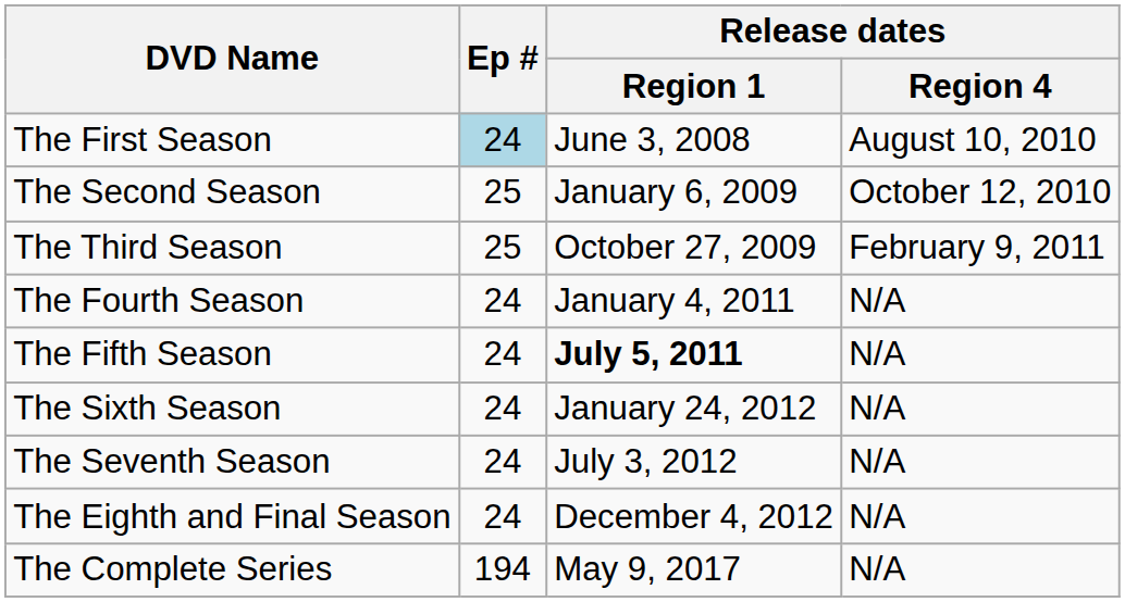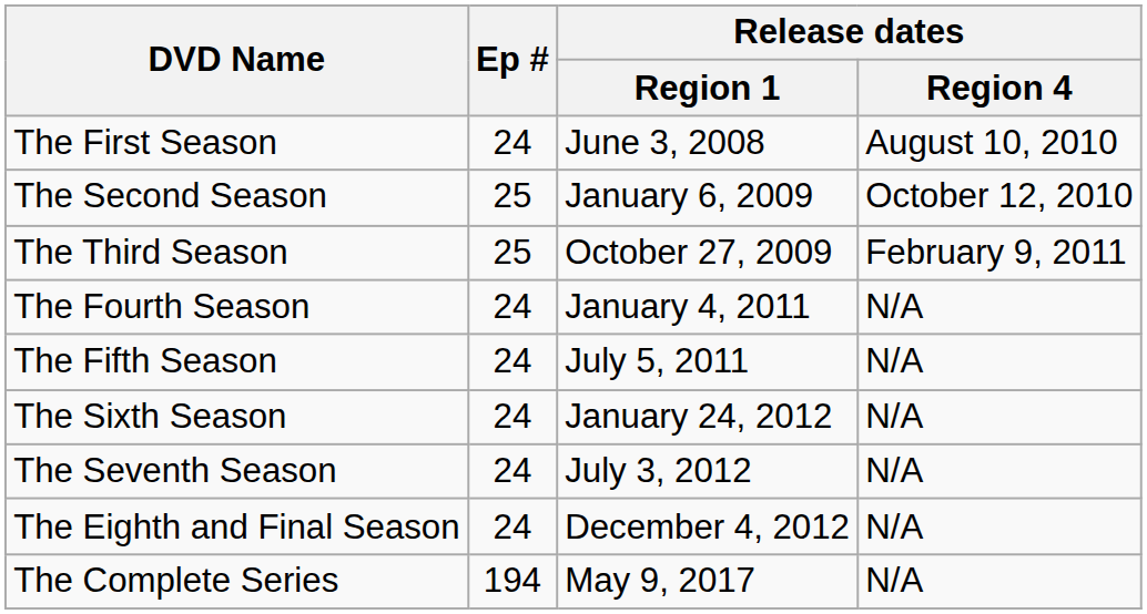 <table class="wikitable">
 <tr>
 <th rowspan="2">DVD Name</th>
 <th rowspan="2">Ep #</th>
 <th colspan="2">Release dates</th>
 </tr>
 <tr>
 <th>Region 1</th>
 <th>Region 4</th>
 </tr>
 <tr>
 <td>The First Season</td>
-<td align="center" style="background: lightblue;">24</td>
+<td align="center">24</td>
 <td>June 3, 2008</td>
 <td>August 10, 2010</td>
 </tr>
 <tr>
 <td>The Second Season</td>
 <td align="center">25</td>
 <td>January 6, 2009</td>
 <td>October 12, 2010</td>
 </tr>
 <tr>
 <td>The Third Season</td>
 <td align="center">25</td>
 <td>October 27, 2009</td>
 <td>February 9, 2011</td>
 </tr>
 <tr>
 <td>The Fourth Season</td>
 <td align="center">24</td>
 <td>January 4, 2011</td>
 <td>N/A</td>
 </tr>
 <tr>
 <td>The Fifth Season</td>
 <td align="center">24</td>
-<td><strong>July 5, 2011</strong></td>
+<td>July 5, 2011</td>
 <td>N/A</td>
 </tr>
 <tr>
 <td>The Sixth Season</td>
 <td align="center">24</td>
 <td>January 24, 2012</td>
 <td>N/A</td>
 </tr>
 <tr>
 <td>The Seventh Season</td>
 <td align="center">24</td>
 <td>July 3, 2012</td>
 <td>N/A</td>
 </tr>
 <tr>
 <td>The Eighth and Final Season</td>
 <td align="center">24</td>
 <td>December 4, 2012</td>
 <td>N/A</td>
 </tr>
 <tr>
 <td>The Complete Series</td>
 <td align="center">194</td>
 <td>May 9, 2017</td>
 <td>N/A</td>
 </tr>
 </table>
